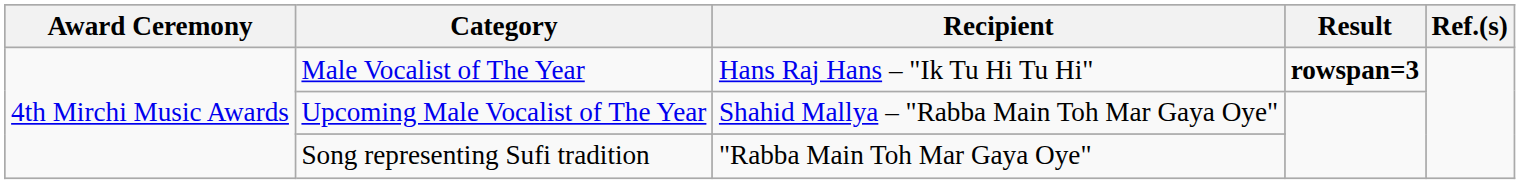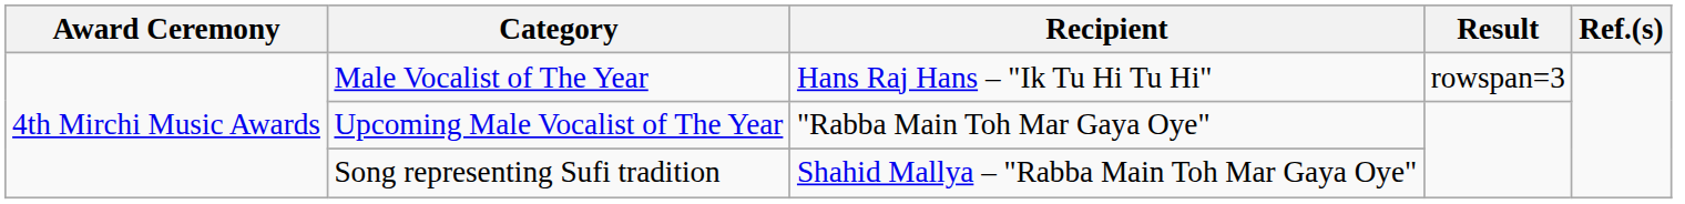 <table class="wikitable">
 <tr>
 <th>Award Ceremony</th>
 <th>Category</th>
 <th>Recipient</th>
 <th>Result</th>
 <th>Ref.(s)</th>
 </tr>
 <tr>
 <td rowspan=3><a href='#'>4th Mirchi Music Awards</a></td>
 <td><a href='#'>Male Vocalist of The Year</a></td>
 <td><a href='#'>Hans Raj Hans</a> – "Ik Tu Hi Tu Hi"</td>
-<td><strong>rowspan=3 </strong></td>
+<td>rowspan=3 </td>
 <td rowspan=3></td>
 </tr>
 <tr>
 <td><a href='#'>Upcoming Male Vocalist of The Year</a></td>
-<td><a href='#'>Shahid Mallya</a> – "Rabba Main Toh Mar Gaya Oye"</td>
+<td>"Rabba Main Toh Mar Gaya Oye"</td>
 </tr>
 <tr>
 <td>Song representing Sufi tradition</td>
-<td>"Rabba Main Toh Mar Gaya Oye"</td>
+<td><a href='#'>Shahid Mallya</a> – "Rabba Main Toh Mar Gaya Oye"</td>
 </tr>
 </table>
